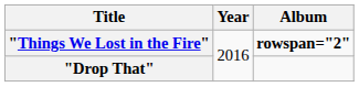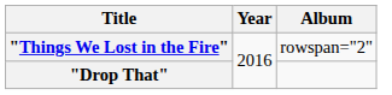 <table class="wikitable plainrowheaders" style="text-align:center;">
 <tr>
 <th scope="col" rowspan="1">Title</th>
 <th scope="col" rowspan="1">Year</th>
 <th scope="col" rowspan="1">Album</th>
 </tr>
 <tr>
 <th scope="row">"<a href='#'>Things We Lost in the Fire</a>"<br></th>
 <td rowspan="2">2016</td>
-<td><strong>rowspan="2" </strong></td>
+<td>rowspan="2" </td>
 </tr>
 <tr>
 <th scope="row">"Drop That"<br></th>
 </tr>
 </table>
